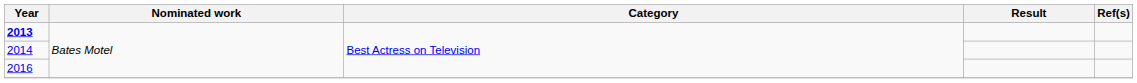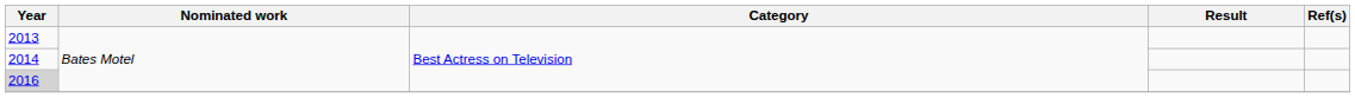 <table class="wikitable">
 <tr>
 <th width=4%>Year</th>
 <th width=27%>Nominated work</th>
 <th width=57%>Category</th>
 <th width=12%>Result</th>
 <th width=4%>Ref(s)</th>
 </tr>
 <tr>
-<td><strong><a href='#'>2013</a></strong></td>
+<td><a href='#'>2013</a></td>
 <td rowspan="3"><em>Bates Motel</em></td>
 <td rowspan="3"><a href='#'>Best Actress on Television</a></td>
 <td></td>
 <td></td>
 </tr>
 <tr>
 <td><a href='#'>2014</a></td>
 <td></td>
 <td></td>
 </tr>
 <tr>
-<td><a href='#'>2016</a></td>
+<td style="background: lightgrey;"><a href='#'>2016</a></td>
 <td></td>
 <td></td>
 </tr>
 <tr>
 </tr>
 </table>
